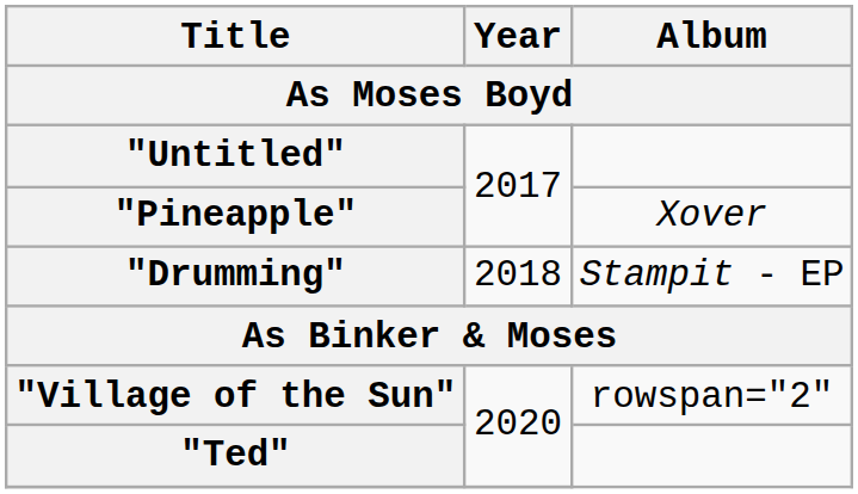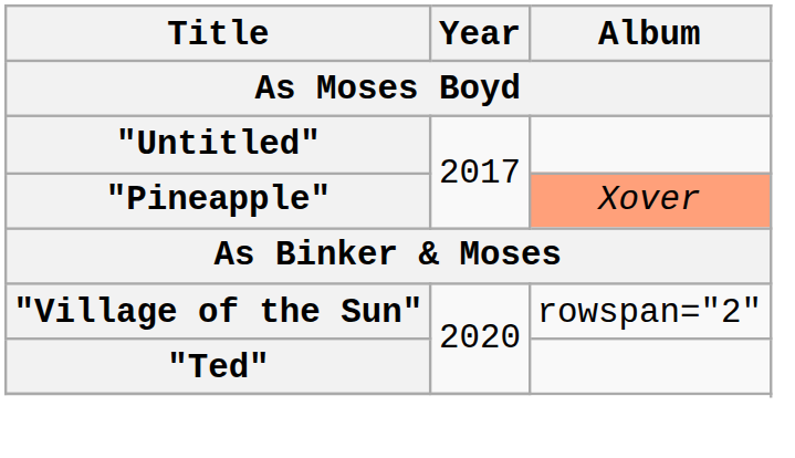 <table class="wikitable plainrowheaders" style="text-align:center">
 <tr>
 <th scope="col">Title</th>
 <th scope="col">Year</th>
 <th scope="col">Album</th>
 </tr>
 <tr>
 <th colspan="3">As Moses Boyd</th>
 </tr>
 <tr>
 <th scope="row">"Untitled"<br></th>
 <td rowspan="2">2017</td>
 <td></td>
 </tr>
 <tr>
 <th scope="row">"Pineapple"<br></th>
-<td><em>Xover</em></td>
-</tr>
-<tr>
-<th scope="row">"Drumming"<br></th>
-<td>2018</td>
-<td><em>Stampit</em> - EP</td>
+<td style="background: lightsalmon;"><em>Xover</em></td>
 </tr>
 <tr>
 <th colspan="3">As Binker & Moses</th>
 </tr>
 <tr>
 <th scope="row">"Village of the Sun"<br></th>
 <td rowspan="2">2020</td>
 <td>rowspan="2" </td>
 </tr>
 <tr>
 <th scope="row">"Ted"<br></th>
 </tr>
 <tr>
 </tr>
 </table>
